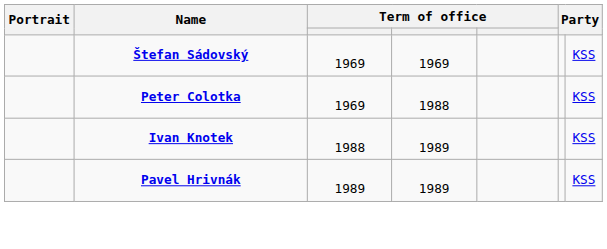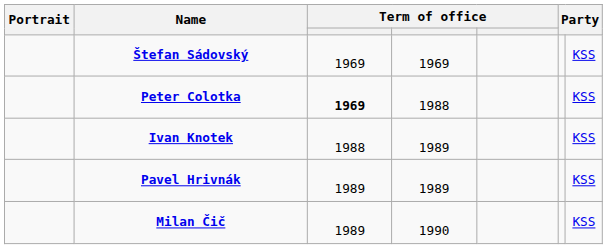 <table class="wikitable" style="line-height:1.4em; text-align:center; border:1px #aaf solid">
 <tr>
 <th rowspan="2" width="65">Portrait</th>
 <th rowspan="2" width="250">Name<br></th>
 <th colspan="3">Term of office</th>
 <th colspan="2" rowspan="2" width="90">Party</th>
 </tr>
 <tr>
 <th width="85"></th>
 <th width="85"></th>
 <th width="85"></th>
 </tr>
 <tr>
 <td></td>
 <td><strong><a href='#'>Štefan Sádovský</a></strong><br></td>
 <td><br>1969</td>
 <td><br>1969</td>
 <td></td>
 <td style="background-color: "></td>
 <td><a href='#'>KSS</a></td>
 </tr>
 <tr>
 <td></td>
 <td><strong><a href='#'>Peter Colotka</a></strong><br></td>
-<td><br>1969</td>
+<td><strong><br>1969</strong></td>
 <td><br>1988</td>
 <td></td>
 <td style="background-color: "></td>
 <td><a href='#'>KSS</a></td>
 </tr>
 <tr>
 <td></td>
 <td><strong><a href='#'>Ivan Knotek</a></strong><br></td>
 <td><br>1988</td>
 <td><br>1989</td>
 <td></td>
 <td style="background-color: "></td>
 <td><a href='#'>KSS</a></td>
 </tr>
 <tr>
 <td></td>
 <td><strong><a href='#'>Pavel Hrivnák</a></strong><br></td>
 <td><br>1989</td>
 <td><br>1989</td>
 <td></td>
 <td style="background-color: "></td>
 <td><a href='#'>KSS</a></td>
 </tr>
+<tr>
+<td></td>
+<td><strong><a href='#'>Milan Čič</a></strong><br></td>
+<td><br>1989</td>
+<td><br>1990</td>
+<td></td>
+<td style="background-color: "></td>
+<td><a href='#'>KSS</a></td>
+</tr>
 </table>
